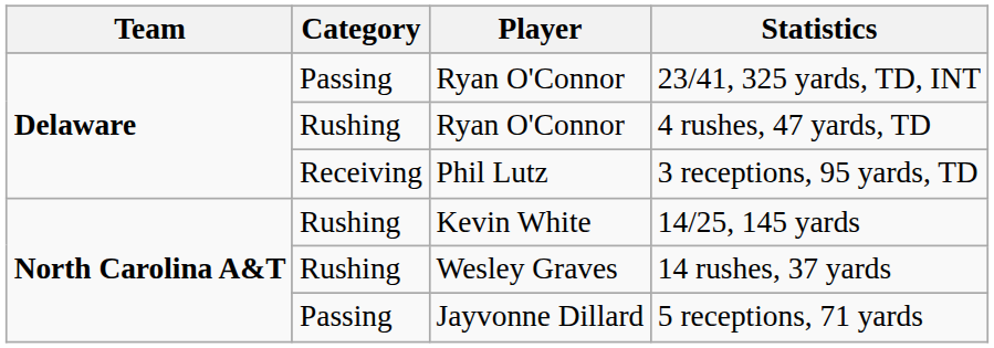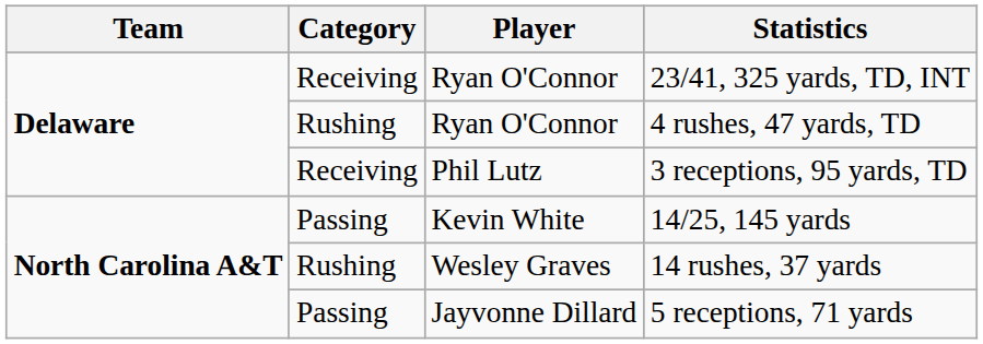 <table class="wikitable" style="float: right;">
 <tr>
 <th>Team</th>
 <th>Category</th>
 <th>Player</th>
 <th>Statistics</th>
 </tr>
 <tr>
 <td rowspan=3><strong>Delaware</strong></td>
-<td>Passing</td>
+<td>Receiving</td>
 <td>Ryan O'Connor</td>
 <td>23/41, 325 yards, TD, INT</td>
 </tr>
 <tr>
 <td>Rushing</td>
 <td>Ryan O'Connor</td>
 <td>4 rushes, 47 yards, TD</td>
 </tr>
 <tr>
 <td>Receiving</td>
 <td>Phil Lutz</td>
 <td>3 receptions, 95 yards, TD</td>
 </tr>
 <tr>
 <td rowspan=3><strong>North Carolina A&T</strong></td>
-<td>Rushing</td>
+<td>Passing</td>
 <td>Kevin White</td>
 <td>14/25, 145 yards</td>
 </tr>
 <tr>
 <td>Rushing</td>
 <td>Wesley Graves</td>
 <td>14 rushes, 37 yards</td>
 </tr>
 <tr>
 <td>Passing</td>
 <td>Jayvonne Dillard</td>
 <td>5 receptions, 71 yards</td>
 </tr>
 </table>
